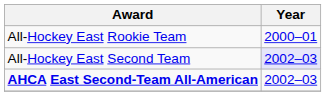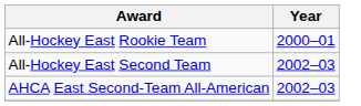 <table class="wikitable">
 <tr>
 <th>Award</th>
 <th>Year</th>
 </tr>
 <tr>
 <td>All-<a href='#'>Hockey East</a> <a href='#'>Rookie Team</a></td>
 <td><a href='#'>2000–01</a></td>
 </tr>
 <tr>
 <td>All-<a href='#'>Hockey East</a> <a href='#'>Second Team</a></td>
-<td style="background: lavender;"><a href='#'>2002–03</a></td>
+<td><a href='#'>2002–03</a></td>
 </tr>
 <tr>
-<td><strong><a href='#'>AHCA</a> <a href='#'>East Second-Team All-American</a></strong></td>
+<td><a href='#'>AHCA</a> <a href='#'>East Second-Team All-American</a></td>
 <td><a href='#'>2002–03</a></td>
 </tr>
 <tr>
 </tr>
 </table>
